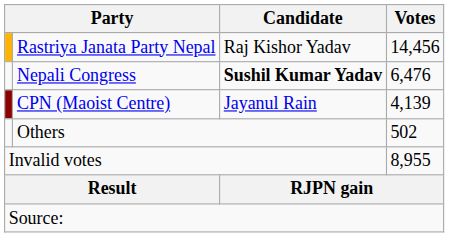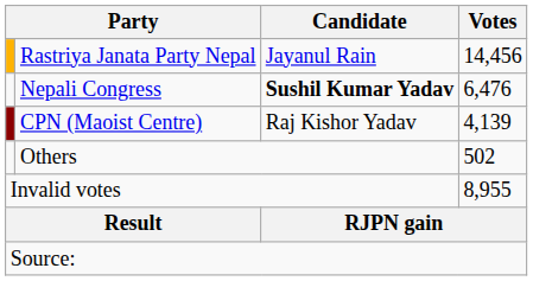 <table class="wikitable">
 <tr>
 <th colspan="2">Party</th>
 <th>Candidate</th>
 <th>Votes</th>
 </tr>
 <tr>
 <td style="background-color:#ffb300"></td>
 <td><a href='#'>Rastriya Janata Party Nepal</a></td>
-<td>Raj Kishor Yadav</td>
+<td><a href='#'>Jayanul Rain</a></td>
 <td>14,456</td>
 </tr>
 <tr>
 <td style="background-color:"></td>
 <td><a href='#'>Nepali Congress</a></td>
 <td><strong>Sushil Kumar Yadav</strong></td>
 <td>6,476</td>
 </tr>
 <tr>
 <td style="background-color:darkred"></td>
 <td><a href='#'>CPN (Maoist Centre)</a></td>
-<td><a href='#'>Jayanul Rain</a></td>
+<td>Raj Kishor Yadav</td>
 <td>4,139</td>
 </tr>
 <tr>
 <td></td>
 <td colspan="2">Others</td>
 <td>502</td>
 </tr>
 <tr>
 <td colspan="3">Invalid votes</td>
 <td>8,955</td>
 </tr>
 <tr>
 <th colspan="2">Result</th>
 <th colspan="2">RJPN gain</th>
 </tr>
 <tr>
 <td colspan="4">Source: </td>
 </tr>
 </table>
